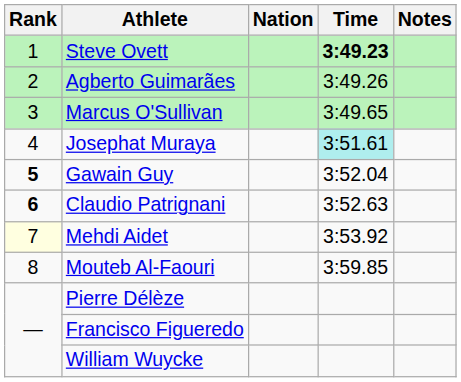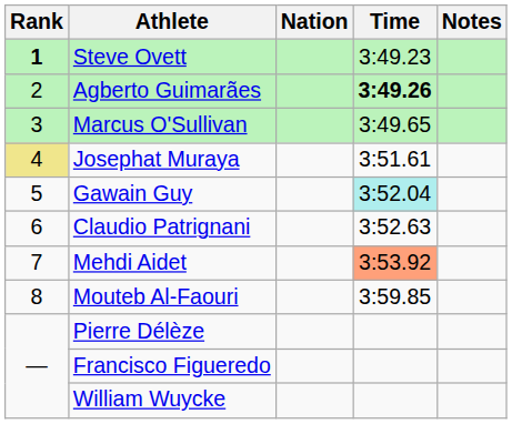 <table class="wikitable sortable" style="text-align:center">
 <tr>
 <th>Rank</th>
 <th>Athlete</th>
 <th>Nation</th>
 <th>Time</th>
 <th>Notes</th>
 </tr>
 <tr style="background:#bbf3bb;">
-<td>1</td>
+<td><strong>1</strong></td>
 <td align=left><a href='#'>Steve Ovett</a></td>
 <td align=left></td>
-<td><strong>3:49.23</strong></td>
+<td>3:49.23</td>
 <td></td>
 </tr>
 <tr style="background:#bbf3bb;">
 <td>2</td>
 <td align=left><a href='#'>Agberto Guimarães</a></td>
 <td align=left></td>
-<td>3:49.26</td>
+<td><strong>3:49.26</strong></td>
 <td></td>
 </tr>
 <tr style="background:#bbf3bb;">
 <td>3</td>
 <td align=left><a href='#'>Marcus O'Sullivan</a></td>
 <td align=left></td>
 <td>3:49.65</td>
 <td></td>
 </tr>
 <tr>
-<td>4</td>
+<td style="background: khaki;">4</td>
 <td align=left><a href='#'>Josephat Muraya</a></td>
 <td align=left></td>
-<td style="background: paleturquoise;">3:51.61</td>
+<td>3:51.61</td>
 <td></td>
 </tr>
 <tr>
-<td><strong>5</strong></td>
+<td>5</td>
 <td align=left><a href='#'>Gawain Guy</a></td>
 <td align=left></td>
-<td>3:52.04</td>
+<td style="background: paleturquoise;">3:52.04</td>
 <td></td>
 </tr>
 <tr>
-<td><strong>6</strong></td>
+<td>6</td>
 <td align=left><a href='#'>Claudio Patrignani</a></td>
 <td align=left></td>
 <td>3:52.63</td>
 <td></td>
 </tr>
 <tr>
-<td style="background: lightyellow;">7</td>
+<td>7</td>
 <td align=left><a href='#'>Mehdi Aidet</a></td>
 <td align=left></td>
-<td>3:53.92</td>
+<td style="background: lightsalmon;">3:53.92</td>
 <td></td>
 </tr>
 <tr>
 <td>8</td>
 <td align=left><a href='#'>Mouteb Al-Faouri</a></td>
 <td align=left></td>
 <td>3:59.85</td>
 <td></td>
 </tr>
 <tr>
 <td rowspan=3 data-sort-value=9>—</td>
 <td align=left><a href='#'>Pierre Délèze</a></td>
 <td align=left></td>
 <td></td>
 <td></td>
 </tr>
 <tr>
 <td align=left><a href='#'>Francisco Figueredo</a></td>
 <td align=left></td>
 <td></td>
 <td></td>
 </tr>
 <tr>
 <td align=left><a href='#'>William Wuycke</a></td>
 <td align=left></td>
 <td></td>
 <td></td>
 </tr>
 </table>
